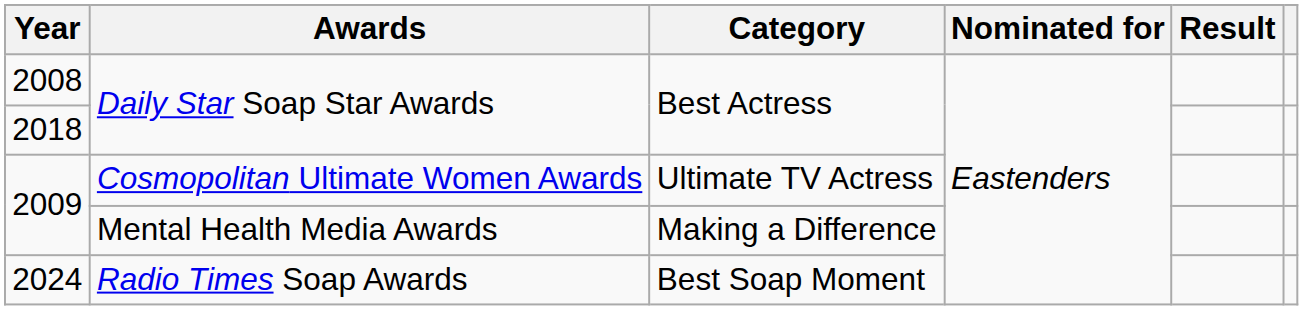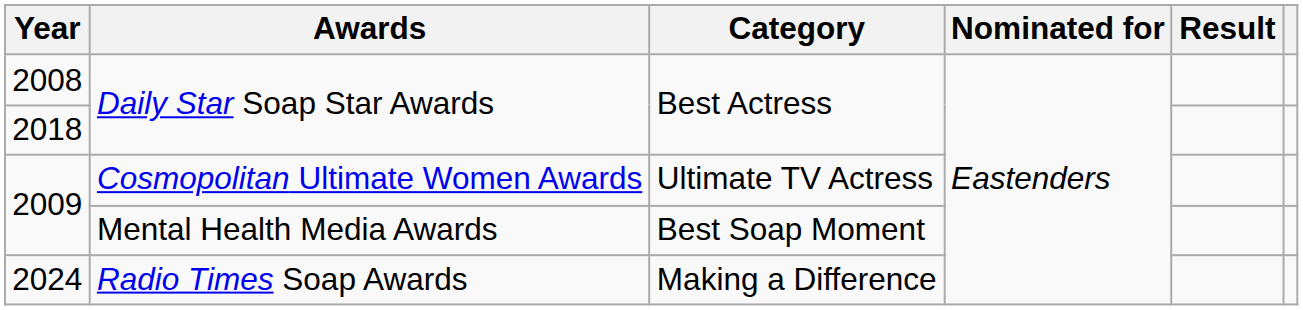 <table class="wikitable plainrowheaders">
 <tr>
 <th scope="col">Year</th>
 <th scope="col">Awards</th>
 <th scope="col">Category</th>
 <th scope="col">Nominated for</th>
 <th scope="col">Result</th>
 <th scope="col"></th>
 </tr>
 <tr>
 <td align="center">2008</td>
 <td rowspan = "2"><em><a href='#'>Daily Star</a></em> Soap Star Awards</td>
 <td rowspan = "2">Best Actress</td>
 <td rowspan = "5"><em>Eastenders</em></td>
 <td></td>
 <td align="center"></td>
 </tr>
 <tr>
 <td align="center">2018</td>
 <td></td>
 <td align="center"></td>
 </tr>
 <tr>
 <td align="center" rowspan ="2">2009</td>
 <td><a href='#'><em>Cosmopolitan</em> Ultimate Women Awards</a></td>
 <td>Ultimate TV Actress</td>
 <td></td>
 <td align="center"></td>
 </tr>
 <tr>
 <td>Mental Health Media Awards</td>
-<td>Making a Difference </td>
+<td>Best Soap Moment </td>
 <td></td>
 <td align="center"></td>
 </tr>
 <tr>
 <td>2024</td>
 <td><em><a href='#'>Radio Times</a></em> Soap Awards</td>
-<td>Best Soap Moment </td>
+<td>Making a Difference </td>
 <td></td>
 <td align="center"></td>
 </tr>
 </table>
